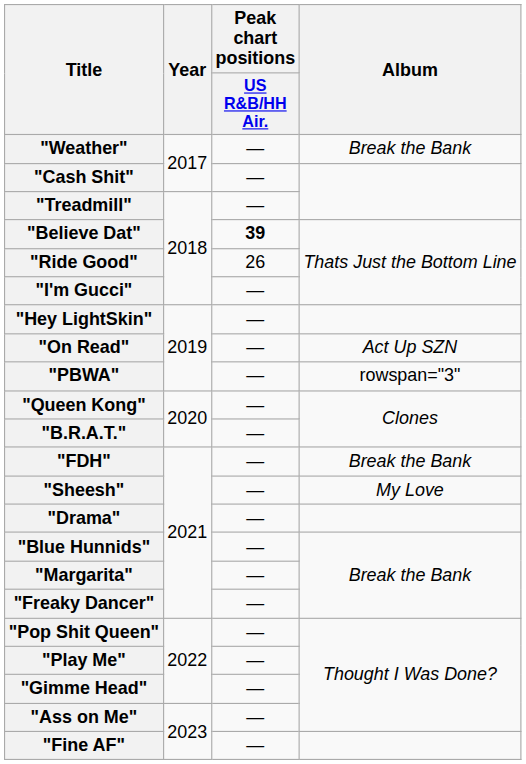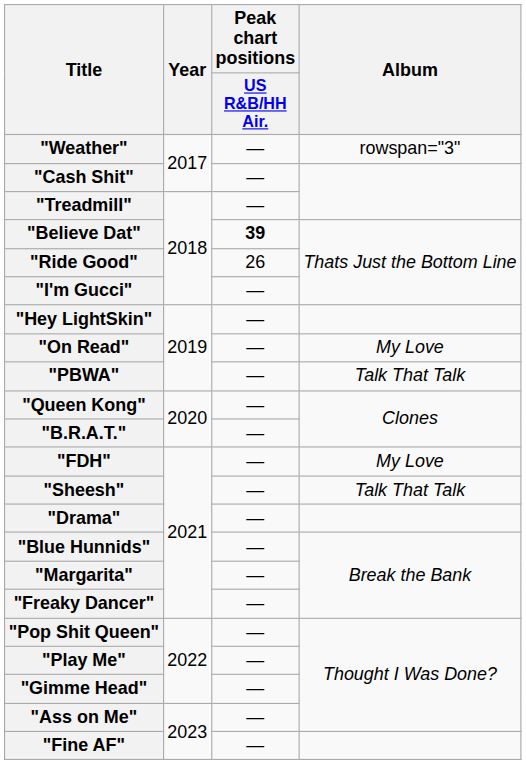 <table class="wikitable plainrowheaders" style="text-align:center;">
 <tr>
 <th scope="col" rowspan="2">Title</th>
 <th scope="col" rowspan="2">Year</th>
 <th scope="col" colspan="1">Peak chart positions</th>
 <th scope="col" rowspan="2">Album</th>
 </tr>
 <tr>
 <th scope="col" style="width:2.5em;font-size:90%;"><a href='#'>US<br>R&B/HH<br>Air.</a><br></th>
 </tr>
 <tr>
 <th scope="row">"Weather"</th>
 <td rowspan="2">2017</td>
 <td>—</td>
-<td><em>Break the Bank</em></td>
+<td>rowspan="3" </td>
 </tr>
 <tr>
 <th scope="row">"Cash Shit"</th>
 <td>—</td>
 </tr>
 <tr>
 <th scope="row">"Treadmill"</th>
 <td rowspan="4">2018</td>
 <td>—</td>
 </tr>
 <tr>
 <th scope="row">"Believe Dat"</th>
 <td><strong>39</strong></td>
 <td rowspan="3"><em>Thats Just the Bottom Line</em></td>
 </tr>
 <tr>
 <th scope="row">"Ride Good"<br></th>
 <td>26</td>
 </tr>
 <tr>
 <th scope="row">"I'm Gucci"</th>
 <td>—</td>
 </tr>
 <tr>
 <th scope="row">"Hey LightSkin"<br></th>
 <td rowspan="3">2019</td>
 <td>—</td>
 <td></td>
 </tr>
 <tr>
 <th scope="row">"On Read"<br></th>
 <td>—</td>
-<td><em>Act Up SZN</em></td>
+<td><em>My Love</em></td>
 </tr>
 <tr>
 <th scope="row">"PBWA"</th>
 <td>—</td>
-<td>rowspan="3" </td>
+<td><em>Talk That Talk</em></td>
 </tr>
 <tr>
 <th scope="row">"Queen Kong"</th>
 <td rowspan="2">2020</td>
 <td>—</td>
 <td rowspan="2"><em>Clones</em></td>
 </tr>
 <tr>
 <th scope="row">"B.R.A.T."<br></th>
 <td>—</td>
 </tr>
 <tr>
 <th scope="row">"FDH"</th>
 <td rowspan="6">2021</td>
 <td>—</td>
-<td><em>Break the Bank</em></td>
+<td><em>My Love</em></td>
 </tr>
 <tr>
 <th scope="row">"Sheesh"<br></th>
 <td>—</td>
-<td><em>My Love</em></td>
+<td><em>Talk That Talk</em></td>
 </tr>
 <tr>
 <th scope="row">"Drama"</th>
 <td>—</td>
 <td></td>
 </tr>
 <tr>
 <th scope="row">"Blue Hunnids"</th>
 <td>—</td>
 <td rowspan="3"><em>Break the Bank</em></td>
 </tr>
 <tr>
 <th scope="row">"Margarita"</th>
 <td>—</td>
 </tr>
 <tr>
 <th scope="row">"Freaky Dancer"<br></th>
 <td>—</td>
 </tr>
 <tr>
 <th scope="row">"Pop Shit Queen"</th>
 <td rowspan="3">2022</td>
 <td>—</td>
 <td rowspan="4"><em>Thought I Was Done?</em></td>
 </tr>
 <tr>
 <th scope="row">"Play Me"</th>
 <td>—</td>
 </tr>
 <tr>
 <th scope="row">"Gimme Head"</th>
 <td>—</td>
 </tr>
 <tr>
 <th scope="row">"Ass on Me"</th>
 <td rowspan="2">2023</td>
 <td>—</td>
 </tr>
 <tr>
 <th scope="row">"Fine AF"</th>
 <td>—</td>
 <td></td>
 </tr>
 </table>
